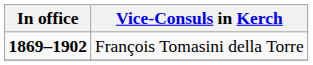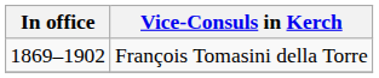 <table class="wikitable">
 <tr>
 <th>In office</th>
 <th><a href='#'>Vice-Consuls</a> in <a href='#'>Kerch</a></th>
 </tr>
 <tr>
-<td><strong>1869–1902</strong></td>
+<td>1869–1902</td>
 <td>François Tomasini della Torre</td>
 </tr>
 <tr>
 </tr>
 </table>
